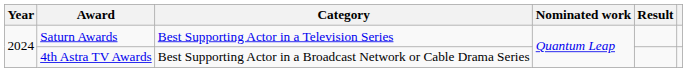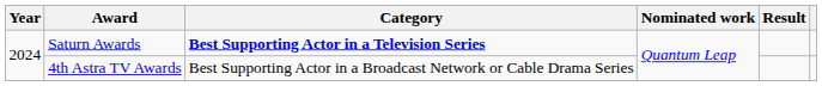 <table class="wikitable">
 <tr>
 <th>Year</th>
 <th>Award</th>
 <th>Category</th>
 <th>Nominated work</th>
 <th>Result</th>
 <th></th>
 </tr>
 <tr>
 <td rowspan="2">2024</td>
 <td><a href='#'>Saturn Awards</a></td>
-<td><a href='#'>Best Supporting Actor in a Television Series</a></td>
+<td><strong><a href='#'>Best Supporting Actor in a Television Series</a></strong></td>
 <td rowspan="2"><em><a href='#'>Quantum Leap</a></em></td>
 <td></td>
 <td></td>
 </tr>
 <tr>
 <td><a href='#'>4th Astra TV Awards</a></td>
 <td>Best Supporting Actor in a Broadcast Network or Cable Drama Series</td>
 <td></td>
 <td></td>
 </tr>
 </table>
